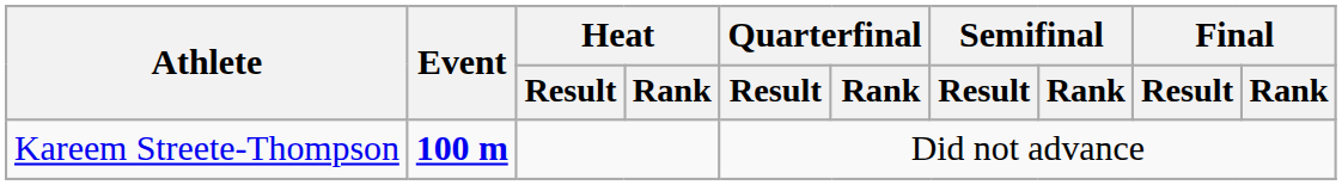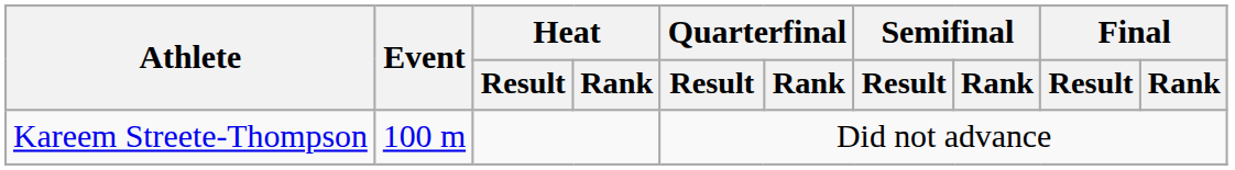 <table class="wikitable" style="font-size:90%">
 <tr>
 <th rowspan=2>Athlete</th>
 <th rowspan=2>Event</th>
 <th colspan=2>Heat</th>
 <th colspan=2>Quarterfinal</th>
 <th colspan=2>Semifinal</th>
 <th colspan=2>Final</th>
 </tr>
 <tr style="font-size:95%">
 <th>Result</th>
 <th>Rank</th>
 <th>Result</th>
 <th>Rank</th>
 <th>Result</th>
 <th>Rank</th>
 <th>Result</th>
 <th>Rank</th>
 </tr>
 <tr align=center>
 <td align=left><a href='#'>Kareem Streete-Thompson</a></td>
-<td align=left><strong><a href='#'>100 m</a></strong></td>
+<td align=left><a href='#'>100 m</a></td>
 <td colspan=2></td>
 <td colspan=6>Did not advance</td>
 </tr>
 </table>
